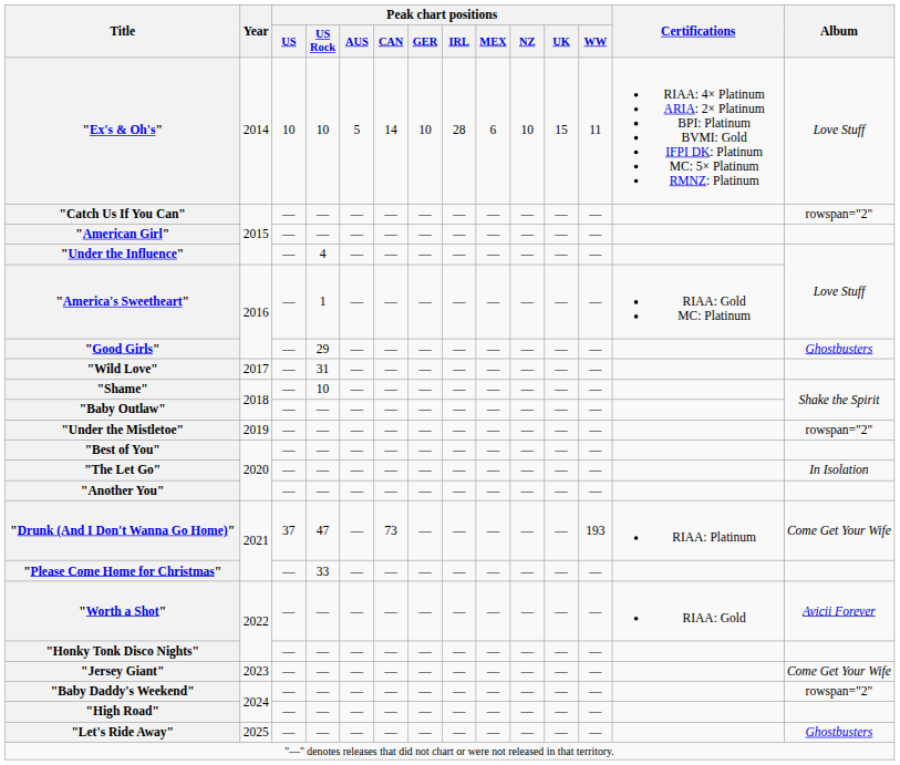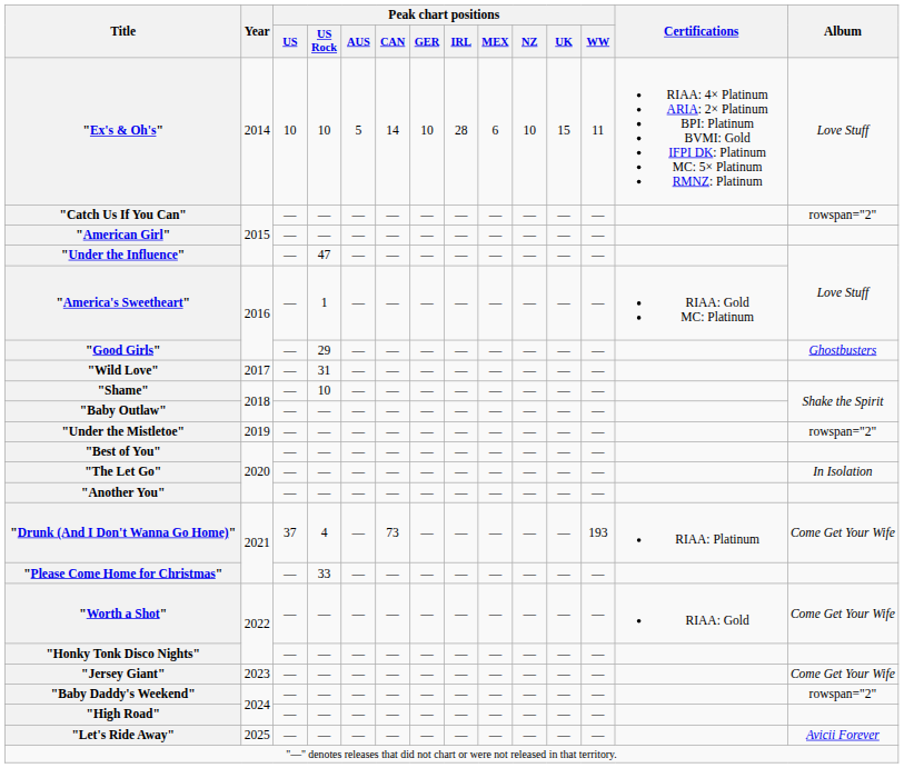 <table class="wikitable plainrowheaders" style="text-align:center;">
 <tr>
 <th scope="col" rowspan="2" style="width:18em;">Title</th>
 <th scope="col" rowspan="2" style="width:1em;">Year</th>
 <th scope="col" colspan="10">Peak chart positions</th>
 <th scope="col" rowspan="2" style="width:13em;"><a href='#'>Certifications</a></th>
 <th scope="col" rowspan="2">Album</th>
 </tr>
 <tr>
 <th scope="col" style="width:2.5em;font-size:90%;"><a href='#'>US</a><br></th>
 <th scope="col" style="width:2.5em;font-size:90%;"><a href='#'>US<br>Rock</a><br></th>
 <th scope="col" style="width:2.5em;font-size:90%;"><a href='#'>AUS</a><br></th>
 <th scope="col" style="width:2.5em;font-size:90%;"><a href='#'>CAN</a><br></th>
 <th scope="col" style="width:2.5em;font-size:90%;"><a href='#'>GER</a><br></th>
 <th scope="col" style="width:2.5em;font-size:90%;"><a href='#'>IRL</a><br></th>
 <th scope="col" style="width:2.5em;font-size:90%;"><a href='#'>MEX</a><br></th>
 <th scope="col" style="width:2.5em;font-size:90%;"><a href='#'>NZ</a><br></th>
 <th scope="col" style="width:2.5em;font-size:90%;"><a href='#'>UK</a><br></th>
 <th scope="col" style="width:2.5em;font-size:90%;"><a href='#'>WW</a><br></th>
 </tr>
 <tr>
 <th scope="row">"<a href='#'>Ex's & Oh's</a>"</th>
 <td>2014</td>
 <td>10</td>
 <td>10</td>
 <td>5</td>
 <td>14</td>
 <td>10</td>
 <td>28</td>
 <td>6</td>
 <td>10</td>
 <td>15</td>
 <td>11</td>
 <td><br><ul><li>RIAA: 4× Platinum</li><li><a href='#'>ARIA</a>: 2× Platinum</li><li>BPI: Platinum</li><li>BVMI: Gold</li><li><a href='#'>IFPI DK</a>: Platinum</li><li>MC: 5× Platinum</li><li><a href='#'>RMNZ</a>: Platinum</li></ul></td>
 <td><em>Love Stuff</em></td>
 </tr>
 <tr>
 <th scope="row">"Catch Us If You Can"</th>
 <td rowspan="3">2015</td>
 <td>—</td>
 <td>—</td>
 <td>—</td>
 <td>—</td>
 <td>—</td>
 <td>—</td>
 <td>—</td>
 <td>—</td>
 <td>—</td>
 <td>—</td>
 <td></td>
 <td>rowspan="2" <em></em></td>
 </tr>
 <tr>
 <th scope="row">"<a href='#'>American Girl</a>"</th>
 <td>—</td>
 <td>—</td>
 <td>—</td>
 <td>—</td>
 <td>—</td>
 <td>—</td>
 <td>—</td>
 <td>—</td>
 <td>—</td>
 <td>—</td>
 <td></td>
 </tr>
 <tr>
 <th scope="row">"<a href='#'>Under the Influence</a>"</th>
 <td>—</td>
-<td>4</td>
+<td>47</td>
 <td>—</td>
 <td>—</td>
 <td>—</td>
 <td>—</td>
 <td>—</td>
 <td>—</td>
 <td>—</td>
 <td>—</td>
 <td></td>
 <td rowspan="2"><em>Love Stuff</em></td>
 </tr>
 <tr>
 <th scope="row">"<a href='#'>America's Sweetheart</a>"</th>
 <td rowspan="2">2016</td>
 <td>—</td>
 <td>1</td>
 <td>—</td>
 <td>—</td>
 <td>—</td>
 <td>—</td>
 <td>—</td>
 <td>—</td>
 <td>—</td>
 <td>—</td>
 <td><br><ul><li>RIAA: Gold</li><li>MC: Platinum</li></ul></td>
 </tr>
 <tr>
 <th scope="row">"<a href='#'>Good Girls</a>"</th>
 <td>—</td>
 <td>29</td>
 <td>—</td>
 <td>—</td>
 <td>—</td>
 <td>—</td>
 <td>—</td>
 <td>—</td>
 <td>—</td>
 <td>—</td>
 <td></td>
 <td><em><a href='#'>Ghostbusters</a></em></td>
 </tr>
 <tr>
 <th scope="row">"Wild Love"</th>
 <td>2017</td>
 <td>—</td>
 <td>31</td>
 <td>—</td>
 <td>—</td>
 <td>—</td>
 <td>—</td>
 <td>—</td>
 <td>—</td>
 <td>—</td>
 <td>—</td>
 <td></td>
 <td></td>
 </tr>
 <tr>
 <th scope="row">"Shame"</th>
 <td rowspan="2">2018</td>
 <td>—</td>
 <td>10</td>
 <td>—</td>
 <td>—</td>
 <td>—</td>
 <td>—</td>
 <td>—</td>
 <td>—</td>
 <td>—</td>
 <td>—</td>
 <td></td>
 <td rowspan="2"><em>Shake the Spirit</em></td>
 </tr>
 <tr>
 <th scope="row">"Baby Outlaw"</th>
 <td>—</td>
 <td>—</td>
 <td>—</td>
 <td>—</td>
 <td>—</td>
 <td>—</td>
 <td>—</td>
 <td>—</td>
 <td>—</td>
 <td>—</td>
 <td></td>
 </tr>
 <tr>
 <th scope="row">"Under the Mistletoe"<br></th>
 <td>2019</td>
 <td>—</td>
 <td>—</td>
 <td>—</td>
 <td>—</td>
 <td>—</td>
 <td>—</td>
 <td>—</td>
 <td>—</td>
 <td>—</td>
 <td>—</td>
 <td></td>
 <td>rowspan="2" </td>
 </tr>
 <tr>
 <th scope="row">"Best of You"<br></th>
 <td rowspan="3">2020</td>
 <td>—</td>
 <td>—</td>
 <td>—</td>
 <td>—</td>
 <td>—</td>
 <td>—</td>
 <td>—</td>
 <td>—</td>
 <td>—</td>
 <td>—</td>
 <td></td>
 </tr>
 <tr>
 <th scope="row">"The Let Go"</th>
 <td>—</td>
 <td>—</td>
 <td>—</td>
 <td>—</td>
 <td>—</td>
 <td>—</td>
 <td>—</td>
 <td>—</td>
 <td>—</td>
 <td>—</td>
 <td></td>
 <td><em>In Isolation</em></td>
 </tr>
 <tr>
 <th scope="row">"Another You"</th>
 <td>—</td>
 <td>—</td>
 <td>—</td>
 <td>—</td>
 <td>—</td>
 <td>—</td>
 <td>—</td>
 <td>—</td>
 <td>—</td>
 <td>—</td>
 <td></td>
 <td></td>
 </tr>
 <tr>
 <th scope="row">"<a href='#'>Drunk (And I Don't Wanna Go Home)</a>"<br></th>
 <td rowspan="2">2021</td>
 <td>37</td>
-<td>47</td>
+<td>4</td>
 <td>—</td>
 <td>73</td>
 <td>—</td>
 <td>—</td>
 <td>—</td>
 <td>—</td>
 <td>—</td>
 <td>193</td>
 <td><br><ul><li>RIAA: Platinum</li></ul></td>
 <td><em>Come Get Your Wife</em></td>
 </tr>
 <tr>
 <th scope="row">"<a href='#'>Please Come Home for Christmas</a>"</th>
 <td>—</td>
 <td>33</td>
 <td>—</td>
 <td>—</td>
 <td>—</td>
 <td>—</td>
 <td>—</td>
 <td>—</td>
 <td>—</td>
 <td>—</td>
 <td></td>
 <td></td>
 </tr>
 <tr>
 <th scope="row">"<a href='#'>Worth a Shot</a>"<br></th>
 <td rowspan="2">2022</td>
 <td>—</td>
 <td>—</td>
 <td>—</td>
 <td>—</td>
 <td>—</td>
 <td>—</td>
 <td>—</td>
 <td>—</td>
 <td>—</td>
 <td>—</td>
 <td><br><ul><li>RIAA: Gold</li></ul></td>
-<td><em><a href='#'>Avicii Forever</a></em></td>
+<td><em>Come Get Your Wife</em></td>
 </tr>
 <tr>
 <th scope="row">"Honky Tonk Disco Nights"<br></th>
 <td>—</td>
 <td>—</td>
 <td>—</td>
 <td>—</td>
 <td>—</td>
 <td>—</td>
 <td>—</td>
 <td>—</td>
 <td>—</td>
 <td>—</td>
 <td></td>
 <td></td>
 </tr>
 <tr>
 <th scope="row">"Jersey Giant"</th>
 <td>2023</td>
 <td>—</td>
 <td>—</td>
 <td>—</td>
 <td>—</td>
 <td>—</td>
 <td>—</td>
 <td>—</td>
 <td>—</td>
 <td>—</td>
 <td>—</td>
 <td></td>
 <td><em>Come Get Your Wife</em></td>
 </tr>
 <tr>
 <th scope="row">"Baby Daddy's Weekend"</th>
 <td rowspan="2">2024</td>
 <td>—</td>
 <td>—</td>
 <td>—</td>
 <td>—</td>
 <td>—</td>
 <td>—</td>
 <td>—</td>
 <td>—</td>
 <td>—</td>
 <td>—</td>
 <td></td>
 <td>rowspan="2" </td>
 </tr>
 <tr>
 <th scope="row">"High Road"</th>
 <td>—</td>
 <td>—</td>
 <td>—</td>
 <td>—</td>
 <td>—</td>
 <td>—</td>
 <td>—</td>
 <td>—</td>
 <td>—</td>
 <td>—</td>
 <td></td>
 </tr>
 <tr>
 <th scope="row">"Let's Ride Away"<br></th>
 <td>2025</td>
 <td>—</td>
 <td>—</td>
 <td>—</td>
 <td>—</td>
 <td>—</td>
 <td>—</td>
 <td>—</td>
 <td>—</td>
 <td>—</td>
 <td>—</td>
 <td></td>
-<td><em><a href='#'>Ghostbusters</a></em></td>
+<td><em><a href='#'>Avicii Forever</a></em></td>
 </tr>
 <tr>
 <td colspan="15" style="font-size:85%;">"—" denotes releases that did not chart or were not released in that territory.</td>
 </tr>
 </table>
